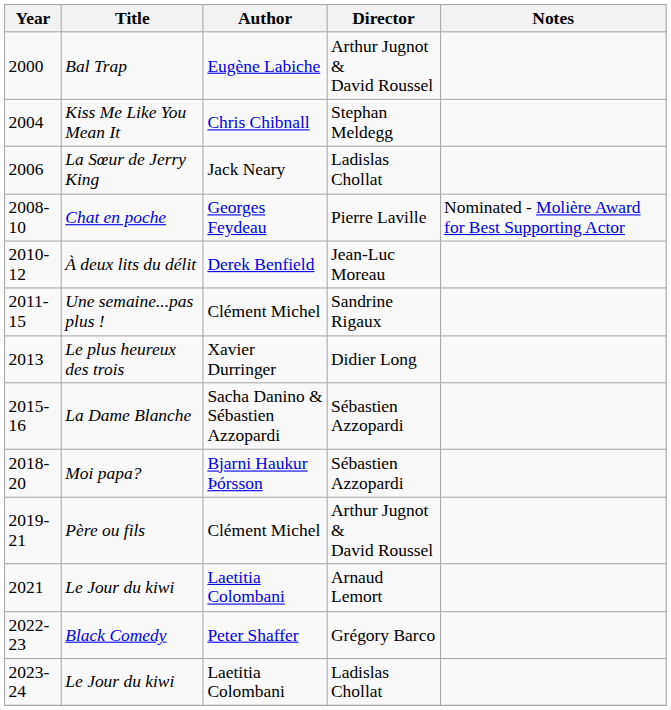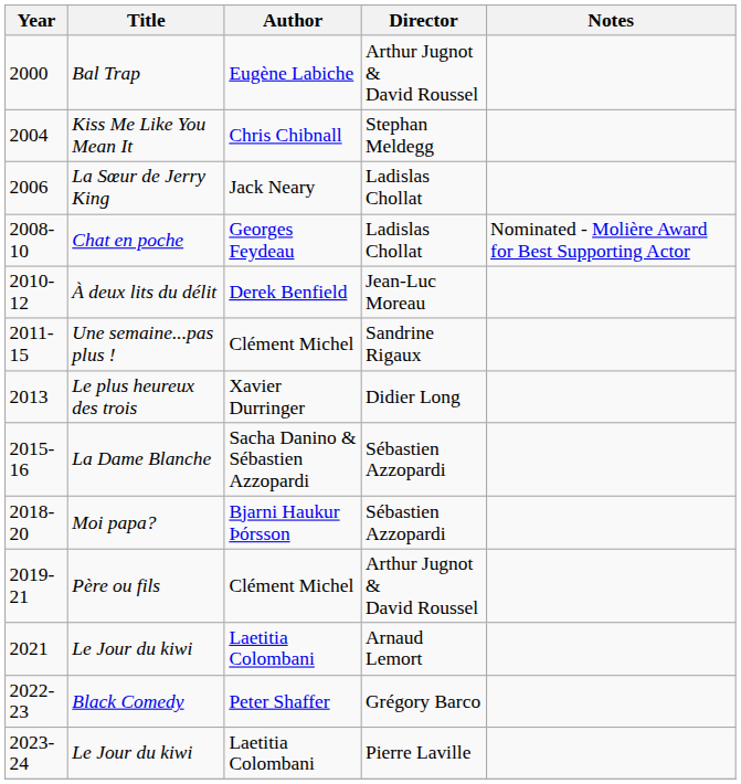 <table class="wikitable">
 <tr>
 <th>Year</th>
 <th>Title</th>
 <th>Author</th>
 <th>Director</th>
 <th>Notes</th>
 </tr>
 <tr>
 <td>2000</td>
 <td><em>Bal Trap</em></td>
 <td><a href='#'>Eugène Labiche</a></td>
 <td>Arthur Jugnot &<br> David Roussel</td>
 <td></td>
 </tr>
 <tr>
 <td>2004</td>
 <td><em>Kiss Me Like You Mean It</em></td>
 <td><a href='#'>Chris Chibnall</a></td>
 <td>Stephan Meldegg</td>
 <td></td>
 </tr>
 <tr>
 <td>2006</td>
 <td><em>La Sœur de Jerry King</em></td>
 <td>Jack Neary</td>
 <td>Ladislas Chollat</td>
 <td></td>
 </tr>
 <tr>
 <td>2008-10</td>
 <td><em><a href='#'>Chat en poche</a></em></td>
 <td><a href='#'>Georges Feydeau</a></td>
-<td>Pierre Laville</td>
+<td>Ladislas Chollat</td>
 <td>Nominated - <a href='#'>Molière Award for Best Supporting Actor</a></td>
 </tr>
 <tr>
 <td>2010-12</td>
 <td><em>À deux lits du délit</em></td>
 <td><a href='#'>Derek Benfield</a></td>
 <td>Jean-Luc Moreau</td>
 <td></td>
 </tr>
 <tr>
 <td>2011-15</td>
 <td><em>Une semaine...pas plus !</em></td>
 <td>Clément Michel</td>
 <td>Sandrine Rigaux</td>
 <td></td>
 </tr>
 <tr>
 <td>2013</td>
 <td><em>Le plus heureux des trois</em></td>
 <td>Xavier Durringer</td>
 <td>Didier Long</td>
 <td></td>
 </tr>
 <tr>
 <td>2015-16</td>
 <td><em>La Dame Blanche</em></td>
 <td>Sacha Danino &<br> Sébastien Azzopardi</td>
 <td>Sébastien Azzopardi</td>
 <td></td>
 </tr>
 <tr>
 <td>2018-20</td>
 <td><em>Moi papa?</em></td>
 <td><a href='#'>Bjarni Haukur Þórsson</a></td>
 <td>Sébastien Azzopardi</td>
 <td></td>
 </tr>
 <tr>
 <td>2019-21</td>
 <td><em>Père ou fils</em></td>
 <td>Clément Michel</td>
 <td>Arthur Jugnot &<br> David Roussel</td>
 <td></td>
 </tr>
 <tr>
 <td>2021</td>
 <td><em>Le Jour du kiwi</em></td>
 <td><a href='#'>Laetitia Colombani</a></td>
 <td>Arnaud Lemort</td>
 <td></td>
 </tr>
 <tr>
 <td>2022-23</td>
 <td><em><a href='#'>Black Comedy</a></em></td>
 <td><a href='#'>Peter Shaffer</a></td>
 <td>Grégory Barco</td>
 <td></td>
 </tr>
 <tr>
 <td>2023-24</td>
 <td><em>Le Jour du kiwi</em></td>
 <td>Laetitia Colombani</td>
-<td>Ladislas Chollat</td>
+<td>Pierre Laville</td>
 <td></td>
 </tr>
 <tr>
 </tr>
 </table>
